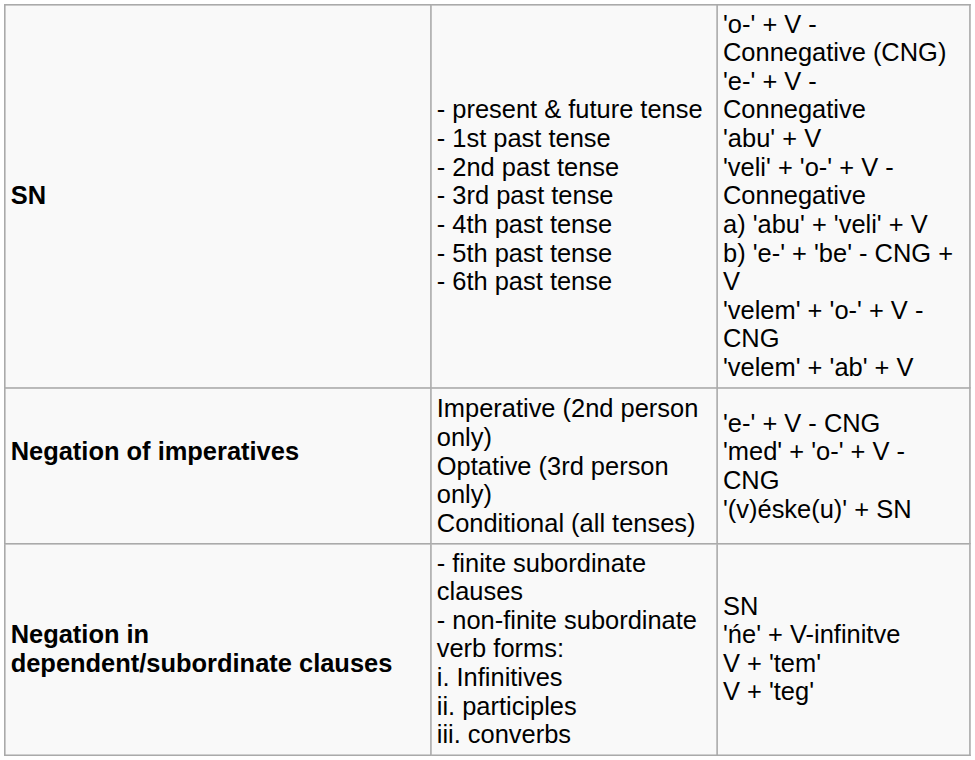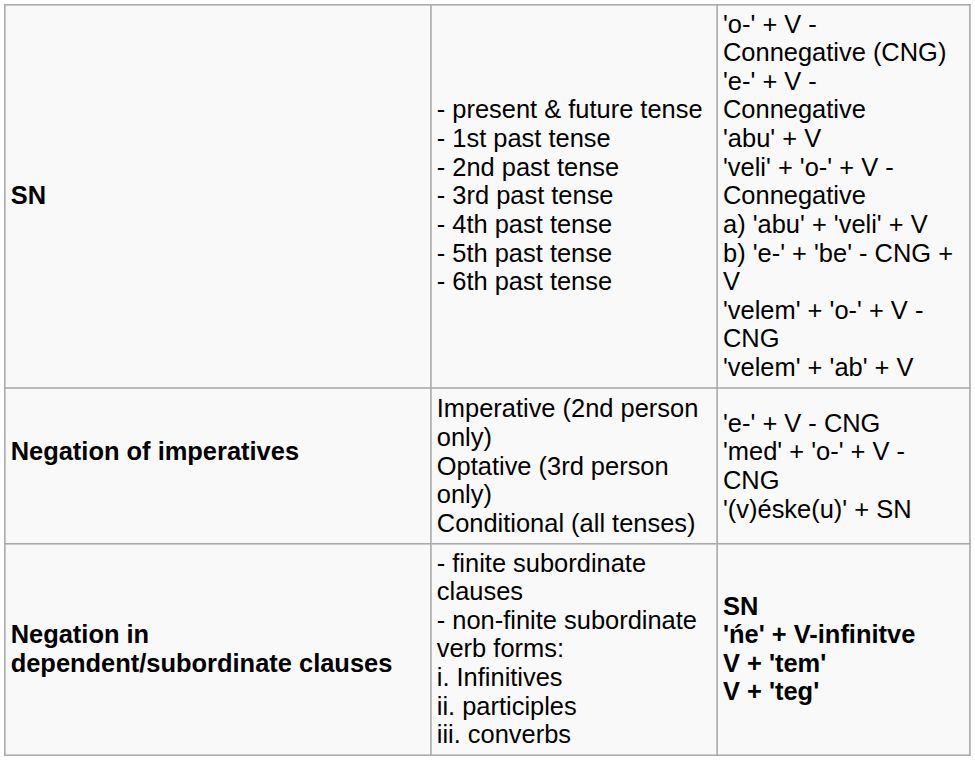 <table class="wikitable">
 <tr>
 <td><strong>SN</strong><br></td>
 <td>- present & future tense<br>- 1st past tense<br>- 2nd past tense<br>- 3rd past tense<br>- 4th past tense<br>- 5th past tense<br>- 6th past tense</td>
 <td>'o-' + V - Connegative (CNG)<br>'e-' + V - Connegative<br>'abu' + V<br>'veli' + 'o-' + V - Connegative<br>a) 'abu' + 'veli' + V<br>b) 'e-' + 'be' - CNG + V<br>'velem' + 'o-' + V - CNG<br>'velem' + 'ab' + V</td>
 </tr>
 <tr>
 <td><strong>Negation of imperatives</strong><br><br></td>
 <td>Imperative (2nd person only)<br>Optative (3rd person only)<br>Conditional (all tenses)</td>
 <td>'e-' + V - CNG<br>'med' + 'o-' + V - CNG<br>'(v)éske(u)' + SN</td>
 </tr>
 <tr>
 <td><strong>Negation in dependent/subordinate clauses</strong></td>
 <td>- finite subordinate clauses<br>- non-finite subordinate verb forms:<br>i. Infinitives<br>ii. participles<br>iii. converbs</td>
-<td>SN<br>'ńe' + V-infinitve<br>V + 'tem'<br>V + 'teg'</td>
+<td><strong>SN<br>'ńe' + V-infinitve<br>V + 'tem'<br>V + 'teg'</strong></td>
 </tr>
 </table>
